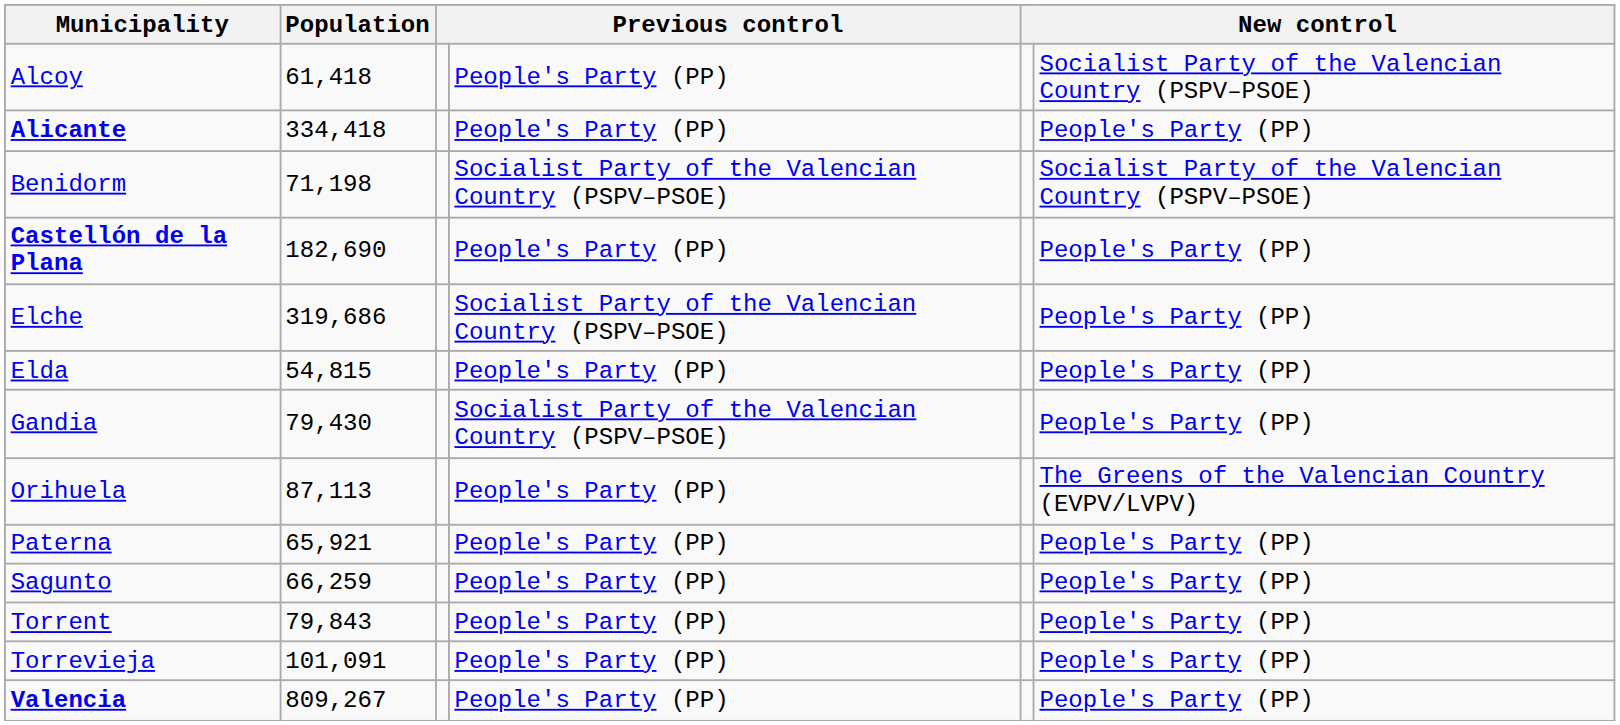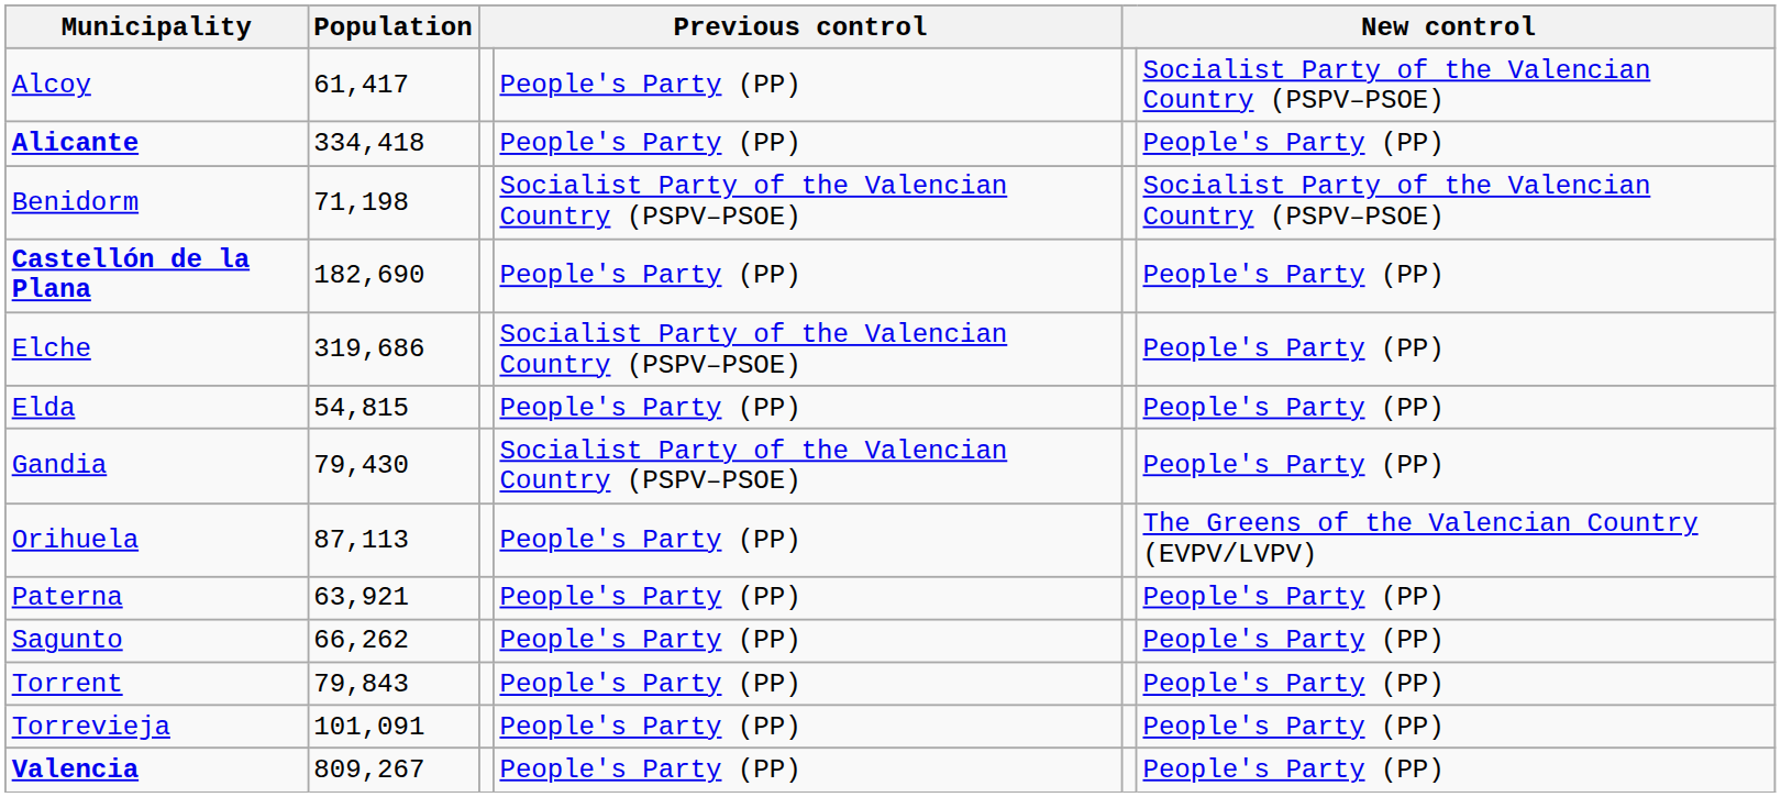 <table class="wikitable sortable">
 <tr>
 <th>Municipality</th>
 <th>Population</th>
 <th colspan="2" style="width:375px;">Previous control</th>
 <th colspan="2" style="width:375px;">New control</th>
 </tr>
 <tr>
 <td><a href='#'>Alcoy</a></td>
-<td>61,418</td>
+<td>61,417</td>
 <td width="1" style="color:inherit;background:"></td>
 <td><a href='#'>People's Party</a> (PP)</td>
 <td width="1" style="color:inherit;background:"></td>
 <td><a href='#'>Socialist Party of the Valencian Country</a> (PSPV–PSOE)</td>
 </tr>
 <tr>
 <td><strong><a href='#'>Alicante</a></strong></td>
 <td>334,418</td>
 <td style="color:inherit;background:"></td>
 <td><a href='#'>People's Party</a> (PP)</td>
 <td style="color:inherit;background:"></td>
 <td><a href='#'>People's Party</a> (PP)</td>
 </tr>
 <tr>
 <td><a href='#'>Benidorm</a></td>
 <td>71,198</td>
 <td style="color:inherit;background:"></td>
 <td><a href='#'>Socialist Party of the Valencian Country</a> (PSPV–PSOE)</td>
 <td style="color:inherit;background:"></td>
 <td><a href='#'>Socialist Party of the Valencian Country</a> (PSPV–PSOE)</td>
 </tr>
 <tr>
 <td><strong><a href='#'>Castellón de la Plana</a></strong></td>
 <td>182,690</td>
 <td style="color:inherit;background:"></td>
 <td><a href='#'>People's Party</a> (PP)</td>
 <td style="color:inherit;background:"></td>
 <td><a href='#'>People's Party</a> (PP)</td>
 </tr>
 <tr>
 <td><a href='#'>Elche</a></td>
 <td>319,686</td>
 <td style="color:inherit;background:"></td>
 <td><a href='#'>Socialist Party of the Valencian Country</a> (PSPV–PSOE)</td>
 <td style="color:inherit;background:"></td>
 <td><a href='#'>People's Party</a> (PP)</td>
 </tr>
 <tr>
 <td><a href='#'>Elda</a></td>
 <td>54,815</td>
 <td style="color:inherit;background:"></td>
 <td><a href='#'>People's Party</a> (PP)</td>
 <td style="color:inherit;background:"></td>
 <td><a href='#'>People's Party</a> (PP)</td>
 </tr>
 <tr>
 <td><a href='#'>Gandia</a></td>
 <td>79,430</td>
 <td style="color:inherit;background:"></td>
 <td><a href='#'>Socialist Party of the Valencian Country</a> (PSPV–PSOE)</td>
 <td style="color:inherit;background:"></td>
 <td><a href='#'>People's Party</a> (PP)</td>
 </tr>
 <tr>
 <td><a href='#'>Orihuela</a></td>
 <td>87,113</td>
 <td style="color:inherit;background:"></td>
 <td><a href='#'>People's Party</a> (PP)</td>
 <td style="color:inherit;background:"></td>
 <td><a href='#'>The Greens of the Valencian Country</a> (EVPV/LVPV)</td>
 </tr>
 <tr>
 <td><a href='#'>Paterna</a></td>
-<td>65,921</td>
+<td>63,921</td>
 <td style="color:inherit;background:"></td>
 <td><a href='#'>People's Party</a> (PP)</td>
 <td style="color:inherit;background:"></td>
 <td><a href='#'>People's Party</a> (PP)</td>
 </tr>
 <tr>
 <td><a href='#'>Sagunto</a></td>
-<td>66,259</td>
+<td>66,262</td>
 <td style="color:inherit;background:"></td>
 <td><a href='#'>People's Party</a> (PP)</td>
 <td style="color:inherit;background:"></td>
 <td><a href='#'>People's Party</a> (PP)</td>
 </tr>
 <tr>
 <td><a href='#'>Torrent</a></td>
 <td>79,843</td>
 <td style="color:inherit;background:"></td>
 <td><a href='#'>People's Party</a> (PP)</td>
 <td style="color:inherit;background:"></td>
 <td><a href='#'>People's Party</a> (PP)</td>
 </tr>
 <tr>
 <td><a href='#'>Torrevieja</a></td>
 <td>101,091</td>
 <td style="color:inherit;background:"></td>
 <td><a href='#'>People's Party</a> (PP)</td>
 <td style="color:inherit;background:"></td>
 <td><a href='#'>People's Party</a> (PP)</td>
 </tr>
 <tr>
 <td><strong><a href='#'>Valencia</a></strong></td>
 <td>809,267</td>
 <td style="color:inherit;background:"></td>
 <td><a href='#'>People's Party</a> (PP)</td>
 <td style="color:inherit;background:"></td>
 <td><a href='#'>People's Party</a> (PP)</td>
 </tr>
 </table>
